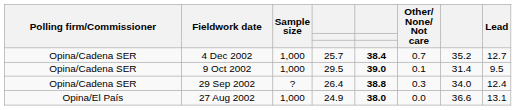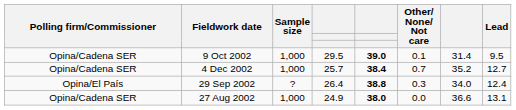 <table class="wikitable collapsible collapsed" style="text-align:center; font-size:90%; line-height:14px;">
 <tr style="height:42px;">
 <th style="width:250px;" rowspan="3">Polling firm/Commissioner</th>
 <th style="width:125px;" rowspan="3">Fieldwork date</th>
 <th style="width:50px;" rowspan="3">Sample size</th>
 <th style="width:55px;"></th>
 <th style="width:55px;"></th>
 <th style="width:55px;" rowspan="3">Other/<br>None/<br>Not<br>care</th>
 <th style="width:55px;" rowspan="3"></th>
 <th style="width:30px;" rowspan="3">Lead</th>
 </tr>
 <tr>
 <th style="color:inherit;background:"></th>
 <th style="color:inherit;background:"></th>
 </tr>
 <tr>
 <th></th>
 <th></th>
 </tr>
 <tr>
 <td>Opina/Cadena SER</td>
-<td>4 Dec 2002</td>
-<td>1,000</td>
-<td>25.7</td>
-<td><strong>38.4</strong></td>
-<td>0.7</td>
-<td>35.2</td>
-<td style="background:">12.7</td>
-</tr>
-<tr>
-<td>Opina/Cadena SER</td>
 <td>9 Oct 2002</td>
 <td>1,000</td>
 <td>29.5</td>
 <td><strong>39.0</strong></td>
 <td>0.1</td>
 <td>31.4</td>
 <td style="background:">9.5</td>
 </tr>
 <tr>
 <td>Opina/Cadena SER</td>
+<td>4 Dec 2002</td>
+<td>1,000</td>
+<td>25.7</td>
+<td><strong>38.4</strong></td>
+<td>0.7</td>
+<td>35.2</td>
+<td style="background:">12.7</td>
+</tr>
+<tr>
+<td>Opina/El País</td>
 <td>29 Sep 2002</td>
 <td>?</td>
 <td>26.4</td>
 <td><strong>38.8</strong></td>
 <td>0.3</td>
 <td>34.0</td>
 <td style="background:">12.4</td>
 </tr>
 <tr>
-<td>Opina/El País</td>
+<td>Opina/Cadena SER</td>
 <td>27 Aug 2002</td>
 <td>1,000</td>
 <td>24.9</td>
 <td><strong>38.0</strong></td>
 <td>0.0</td>
 <td>36.6</td>
 <td style="background:">13.1</td>
 </tr>
 </table>
